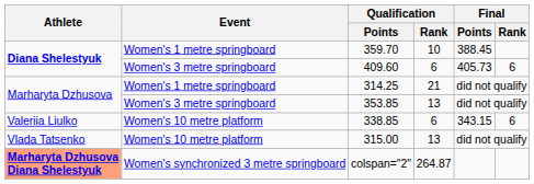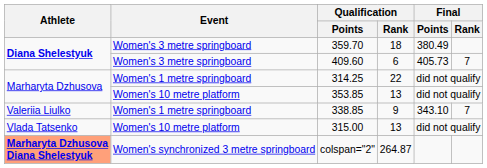 <table class="wikitable" style="text-align: center; font-size:90%">
 <tr>
 <th rowspan="2">Athlete</th>
 <th rowspan="2">Event</th>
 <th colspan="2">Qualification</th>
 <th colspan="2">Final</th>
 </tr>
 <tr>
 <th>Points</th>
 <th>Rank</th>
 <th>Points</th>
 <th>Rank</th>
 </tr>
 <tr>
 <td align="left" rowspan="2"><strong><a href='#'>Diana Shelestyuk</a></strong></td>
-<td align="left"><a href='#'>Women's 1 metre springboard</a></td>
+<td align="left"><a href='#'>Women's 3 metre springboard</a></td>
 <td>359.70</td>
-<td>10</td>
-<td>388.45</td>
+<td>18</td>
+<td>380.49</td>
 <td></td>
 </tr>
 <tr>
 <td align="left"><a href='#'>Women's 3 metre springboard</a></td>
 <td>409.60</td>
 <td>6</td>
 <td>405.73</td>
-<td>6</td>
+<td>7</td>
 </tr>
 <tr>
 <td align="left" rowspan="2"><a href='#'>Marharyta Dzhusova</a></td>
 <td align="left"><a href='#'>Women's 1 metre springboard</a></td>
 <td>314.25</td>
-<td>21</td>
+<td>22</td>
 <td colspan="2">did not qualify</td>
 </tr>
 <tr>
-<td align="left"><a href='#'>Women's 3 metre springboard</a></td>
+<td align="left"><a href='#'>Women's 10 metre platform</a></td>
 <td>353.85</td>
 <td>13</td>
 <td colspan="2">did not qualify</td>
 </tr>
 <tr>
 <td align="left"><a href='#'>Valeriia Liulko</a></td>
-<td align="left"><a href='#'>Women's 10 metre platform</a></td>
+<td align="left"><a href='#'>Women's 1 metre springboard</a></td>
 <td>338.85</td>
-<td>6</td>
-<td>343.15</td>
-<td>6</td>
+<td>9</td>
+<td>343.10</td>
+<td>7</td>
 </tr>
 <tr>
 <td align="left"><a href='#'>Vlada Tatsenko</a></td>
 <td align="left"><a href='#'>Women's 10 metre platform</a></td>
 <td>315.00</td>
 <td>13</td>
 <td colspan="2">did not qualify</td>
 </tr>
 <tr>
 <td align="left" style="background: lightsalmon;"><strong><a href='#'>Marharyta Dzhusova</a><br><a href='#'>Diana Shelestyuk</a></strong></td>
 <td align="left"><a href='#'>Women's synchronized 3 metre springboard</a></td>
 <td>colspan="2" </td>
 <td>264.87</td>
 <td></td>
 </tr>
 </table>
